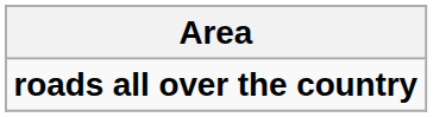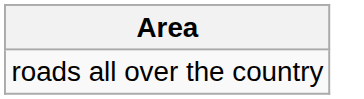 <table class="wikitable" style="font-size:90%">
 <tr>
 <th>Area</th>
 </tr>
 <tr>
-<td><strong>roads all over the country</strong></td>
+<td>roads all over the country</td>
 </tr>
 </table>
